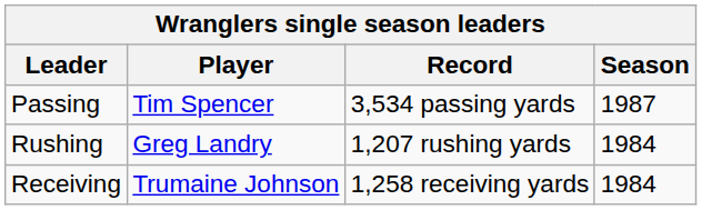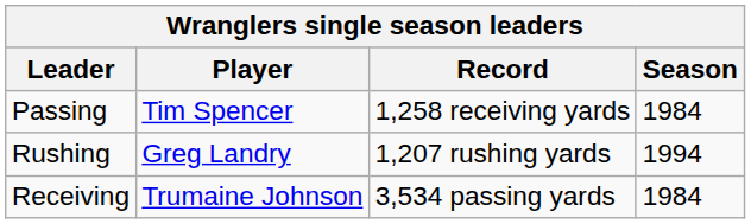 <table class="wikitable">
 <tr>
 <th colspan="5">Wranglers single season leaders</th>
 </tr>
 <tr>
 <th>Leader</th>
 <th>Player</th>
 <th>Record</th>
 <th>Season</th>
 </tr>
 <tr>
 <td>Passing</td>
 <td><a href='#'>Tim Spencer</a></td>
-<td>3,534 passing yards</td>
-<td>1987</td>
+<td>1,258 receiving yards</td>
+<td>1984</td>
 </tr>
 <tr>
 <td>Rushing</td>
 <td><a href='#'>Greg Landry</a></td>
 <td>1,207 rushing yards</td>
-<td>1984</td>
+<td>1994</td>
 </tr>
 <tr>
 <td>Receiving</td>
 <td><a href='#'>Trumaine Johnson</a></td>
-<td>1,258 receiving yards</td>
+<td>3,534 passing yards</td>
 <td>1984</td>
 </tr>
 </table>
